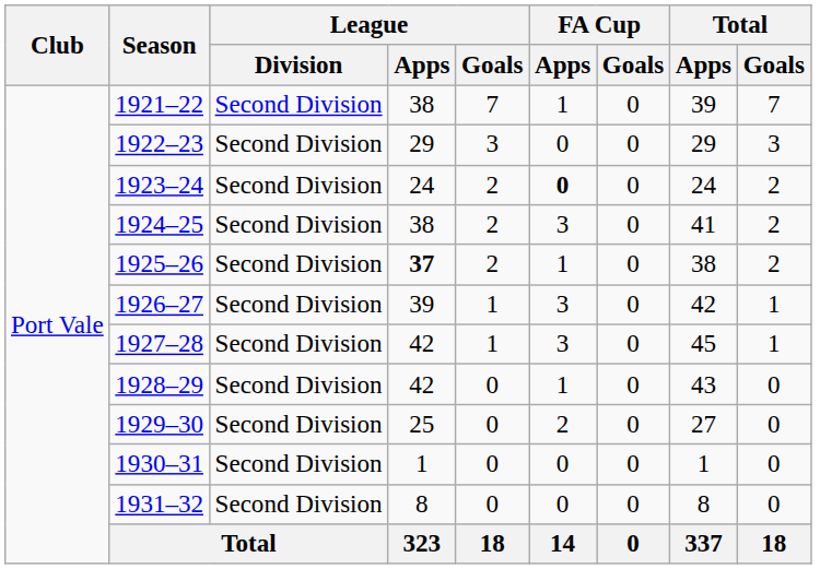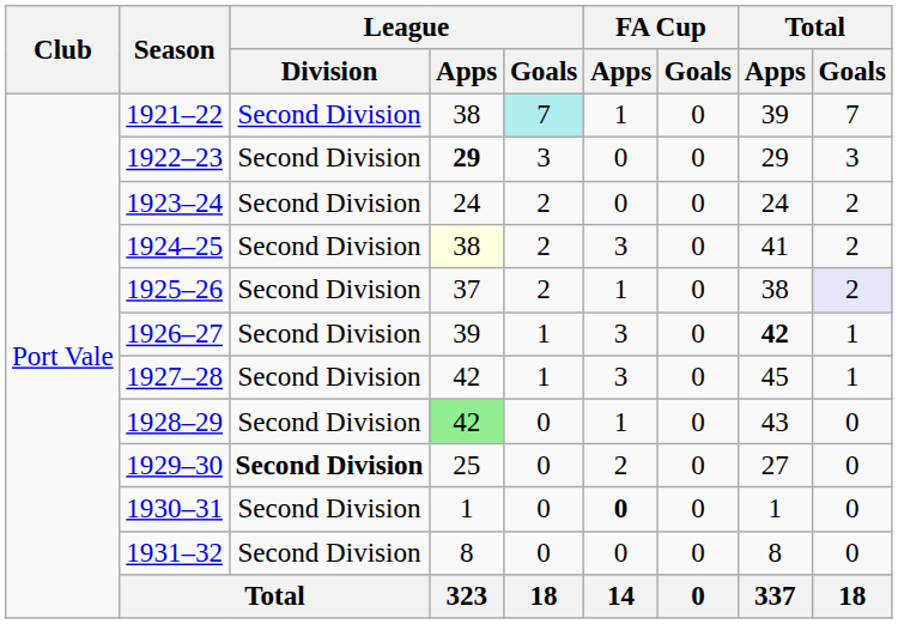 <table class="wikitable" style="text-align: center;">
 <tr>
 <th rowspan="2">Club</th>
 <th rowspan="2">Season</th>
 <th colspan="3">League</th>
 <th colspan="2">FA Cup</th>
 <th colspan="2">Total</th>
 </tr>
 <tr>
 <th>Division</th>
 <th>Apps</th>
 <th>Goals</th>
 <th>Apps</th>
 <th>Goals</th>
 <th>Apps</th>
 <th>Goals</th>
 </tr>
 <tr>
 <td rowspan="12"><a href='#'>Port Vale</a></td>
 <td><a href='#'>1921–22</a></td>
 <td><a href='#'>Second Division</a></td>
 <td>38</td>
-<td>7</td>
+<td style="background: paleturquoise;">7</td>
 <td>1</td>
 <td>0</td>
 <td>39</td>
 <td>7</td>
 </tr>
 <tr>
 <td><a href='#'>1922–23</a></td>
 <td>Second Division</td>
-<td>29</td>
+<td><strong>29</strong></td>
 <td>3</td>
 <td>0</td>
 <td>0</td>
 <td>29</td>
 <td>3</td>
 </tr>
 <tr>
 <td><a href='#'>1923–24</a></td>
 <td>Second Division</td>
 <td>24</td>
 <td>2</td>
-<td><strong>0</strong></td>
+<td>0</td>
 <td>0</td>
 <td>24</td>
 <td>2</td>
 </tr>
 <tr>
 <td><a href='#'>1924–25</a></td>
 <td>Second Division</td>
-<td>38</td>
+<td style="background: lightyellow;">38</td>
 <td>2</td>
 <td>3</td>
 <td>0</td>
 <td>41</td>
 <td>2</td>
 </tr>
 <tr>
 <td><a href='#'>1925–26</a></td>
 <td>Second Division</td>
-<td><strong>37</strong></td>
+<td>37</td>
 <td>2</td>
 <td>1</td>
 <td>0</td>
 <td>38</td>
-<td>2</td>
+<td style="background: lavender;">2</td>
 </tr>
 <tr>
 <td><a href='#'>1926–27</a></td>
 <td>Second Division</td>
 <td>39</td>
 <td>1</td>
 <td>3</td>
 <td>0</td>
-<td>42</td>
+<td><strong>42</strong></td>
 <td>1</td>
 </tr>
 <tr>
 <td><a href='#'>1927–28</a></td>
 <td>Second Division</td>
 <td>42</td>
 <td>1</td>
 <td>3</td>
 <td>0</td>
 <td>45</td>
 <td>1</td>
 </tr>
 <tr>
 <td><a href='#'>1928–29</a></td>
 <td>Second Division</td>
-<td>42</td>
+<td style="background: lightgreen;">42</td>
 <td>0</td>
 <td>1</td>
 <td>0</td>
 <td>43</td>
 <td>0</td>
 </tr>
 <tr>
 <td><a href='#'>1929–30</a></td>
-<td>Second Division</td>
+<td><strong>Second Division</strong></td>
 <td>25</td>
 <td>0</td>
 <td>2</td>
 <td>0</td>
 <td>27</td>
 <td>0</td>
 </tr>
 <tr>
 <td><a href='#'>1930–31</a></td>
 <td>Second Division</td>
 <td>1</td>
 <td>0</td>
-<td>0</td>
+<td><strong>0</strong></td>
 <td>0</td>
 <td>1</td>
 <td>0</td>
 </tr>
 <tr>
 <td><a href='#'>1931–32</a></td>
 <td>Second Division</td>
 <td>8</td>
 <td>0</td>
 <td>0</td>
 <td>0</td>
 <td>8</td>
 <td>0</td>
 </tr>
 <tr>
 <th colspan="2">Total</th>
 <th>323</th>
 <th>18</th>
 <th>14</th>
 <th>0</th>
 <th>337</th>
 <th>18</th>
 </tr>
 </table>
